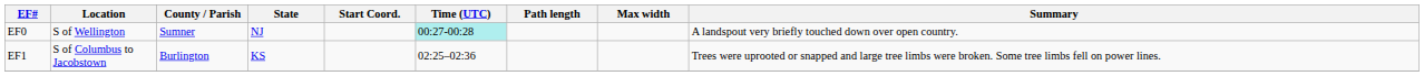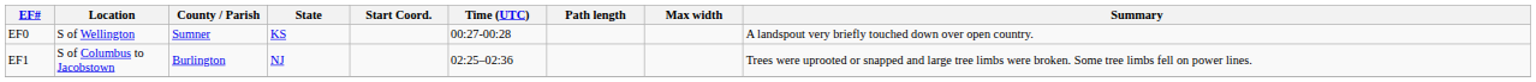 <table class="wikitable sortable" style="width:100%;">
 <tr>
 <th scope="col"  style="width:3%; text-align:center;"><a href='#'>EF#</a></th>
 <th scope="col"  style="width:7%; text-align:center;" class="unsortable">Location</th>
 <th scope="col"  style="width:6%; text-align:center;" class="unsortable">County / Parish</th>
 <th scope="col"  style="width:5%; text-align:center;">State</th>
 <th scope="col"  style="width:6%; text-align:center;">Start Coord.</th>
 <th scope="col"  style="width:6%; text-align:center;">Time (<a href='#'>UTC</a>)</th>
 <th scope="col"  style="width:6%; text-align:center;">Path length</th>
 <th scope="col"  style="width:6%; text-align:center;">Max width</th>
 <th scope="col" class="unsortable" style="width:48%; text-align:center;">Summary</th>
 </tr>
 <tr>
 <td>EF0</td>
 <td>S of <a href='#'>Wellington</a></td>
 <td><a href='#'>Sumner</a></td>
-<td><a href='#'>NJ</a></td>
+<td><a href='#'>KS</a></td>
 <td></td>
-<td style="background: paleturquoise;">00:27-00:28</td>
+<td>00:27-00:28</td>
 <td></td>
 <td></td>
 <td>A landspout very briefly touched down over open country.</td>
 </tr>
 <tr>
 <td>EF1</td>
 <td>S of <a href='#'>Columbus</a> to <a href='#'>Jacobstown</a></td>
 <td><a href='#'>Burlington</a></td>
-<td><a href='#'>KS</a></td>
+<td><a href='#'>NJ</a></td>
 <td></td>
 <td>02:25–02:36</td>
 <td></td>
 <td></td>
 <td>Trees were uprooted or snapped and large tree limbs were broken. Some tree limbs fell on power lines.</td>
 </tr>
 <tr>
 </tr>
 </table>
